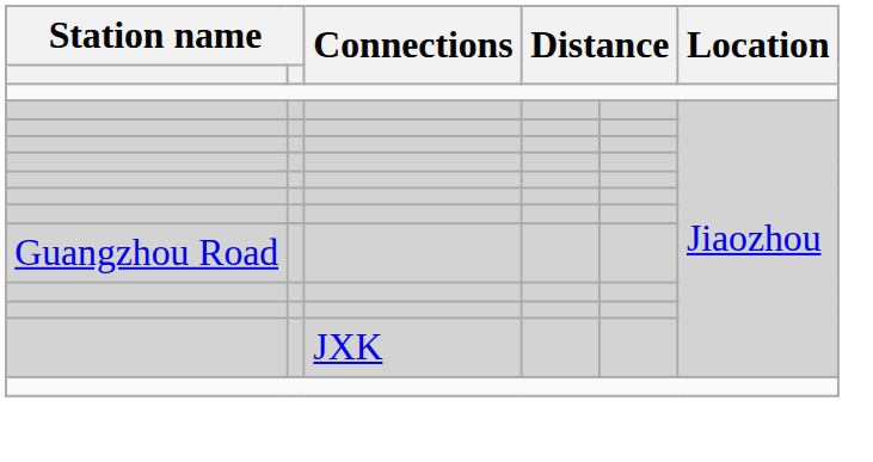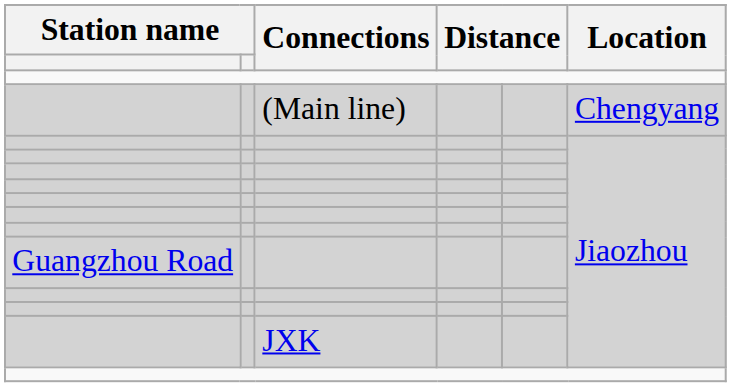 <table class="wikitable">
 <tr>
 <th colspan=2>Station name</th>
 <th rowspan=2>Connections</th>
 <th colspan="2" rowspan="2">Distance<br></th>
 <th rowspan="2">Location</th>
 </tr>
 <tr>
 <th></th>
 <th></th>
 </tr>
 <tr style="background:#">
 <td colspan = "6"></td>
+</tr>
+<tr bgcolor="lightgrey">
+<td></td>
+<td></td>
+<td> (Main line)</td>
+<td></td>
+<td></td>
+<td><a href='#'>Chengyang</a></td>
 </tr>
 <tr bgcolor="lightgrey">
 <td></td>
 <td></td>
 <td></td>
 <td></td>
 <td></td>
 <td rowspan="11"><a href='#'>Jiaozhou</a></td>
 </tr>
 <tr bgcolor="lightgrey">
 <td></td>
 <td></td>
 <td></td>
 <td></td>
 <td></td>
 </tr>
 <tr bgcolor="lightgrey">
 <td></td>
 <td></td>
 <td></td>
 <td></td>
 <td></td>
 </tr>
 <tr bgcolor="lightgrey">
 <td></td>
 <td></td>
 <td></td>
 <td></td>
 <td></td>
 </tr>
 <tr bgcolor="lightgrey">
 <td></td>
 <td></td>
 <td></td>
 <td></td>
 <td></td>
 </tr>
 <tr bgcolor="lightgrey">
 <td></td>
 <td></td>
 <td></td>
 <td></td>
 <td></td>
 </tr>
 <tr bgcolor="lightgrey">
 <td></td>
 <td></td>
 <td></td>
 <td></td>
 <td></td>
 </tr>
 <tr bgcolor="lightgrey">
 <td><a href='#'>Guangzhou Road</a></td>
 <td></td>
 <td></td>
 <td></td>
 <td></td>
 </tr>
 <tr bgcolor="lightgrey">
 <td></td>
 <td></td>
 <td></td>
 <td></td>
 <td></td>
 </tr>
 <tr bgcolor="lightgrey">
 <td></td>
 <td></td>
 <td></td>
 <td></td>
 <td></td>
 </tr>
 <tr bgcolor="lightgrey">
 <td></td>
 <td></td>
 <td> <a href='#'>JXK</a></td>
 <td></td>
 <td></td>
 </tr>
 <tr style="background:#">
 <td colspan = "6"></td>
 </tr>
 </table>
